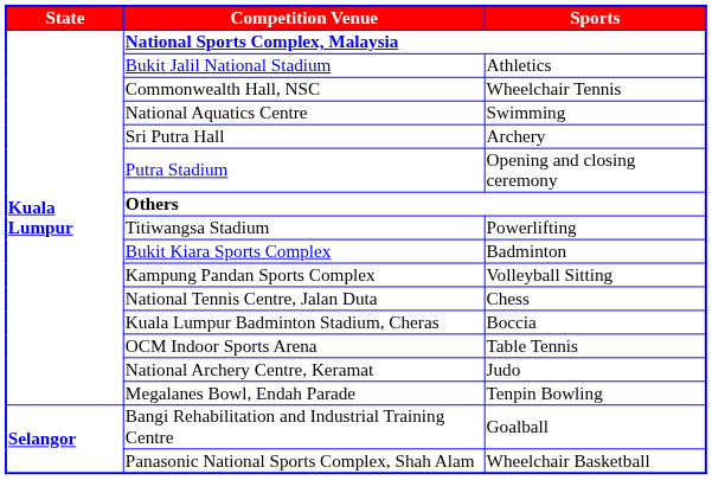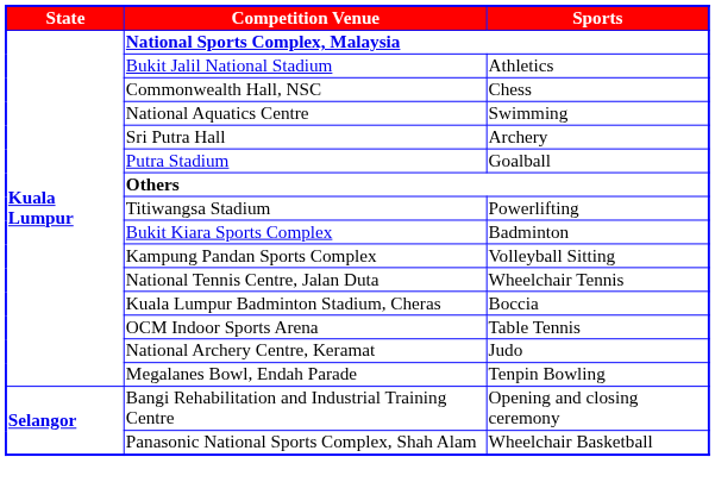 <table border=1 style="border-collapse:collapse; text-align:left; font-size:100%; border:2px solid blue;">
 <tr style="text-align:center; color:white; font-weight:bold; background:red;">
 <td>State</td>
 <td>Competition Venue</td>
 <td>Sports</td>
 </tr>
 <tr>
 <th rowspan=15><a href='#'>Kuala Lumpur</a></th>
 <th colspan=2><a href='#'>National Sports Complex, Malaysia</a></th>
 </tr>
 <tr>
 <td><a href='#'>Bukit Jalil National Stadium</a></td>
 <td>Athletics</td>
 </tr>
 <tr>
 <td>Commonwealth Hall, NSC</td>
-<td>Wheelchair Tennis</td>
+<td>Chess</td>
 </tr>
 <tr>
 <td>National Aquatics Centre</td>
 <td>Swimming</td>
 </tr>
 <tr>
 <td>Sri Putra Hall</td>
 <td>Archery</td>
 </tr>
 <tr>
 <td><a href='#'>Putra Stadium</a></td>
-<td>Opening and closing ceremony</td>
+<td>Goalball</td>
 </tr>
 <tr>
 <th colspan=2>Others</th>
 </tr>
 <tr>
 <td>Titiwangsa Stadium</td>
 <td>Powerlifting</td>
 </tr>
 <tr>
 <td><a href='#'>Bukit Kiara Sports Complex</a></td>
 <td>Badminton</td>
 </tr>
 <tr>
 <td>Kampung Pandan Sports Complex</td>
 <td>Volleyball Sitting</td>
 </tr>
 <tr>
 <td>National Tennis Centre, Jalan Duta</td>
-<td>Chess</td>
+<td>Wheelchair Tennis</td>
 </tr>
 <tr>
 <td>Kuala Lumpur Badminton Stadium, Cheras</td>
 <td>Boccia</td>
 </tr>
 <tr>
 <td>OCM Indoor Sports Arena</td>
 <td>Table Tennis</td>
 </tr>
 <tr>
 <td>National Archery Centre, Keramat</td>
 <td>Judo</td>
 </tr>
 <tr>
 <td>Megalanes Bowl, Endah Parade</td>
 <td>Tenpin Bowling</td>
 </tr>
 <tr>
 <th rowspan=2><a href='#'>Selangor</a></th>
 <td>Bangi Rehabilitation and Industrial Training Centre</td>
-<td>Goalball</td>
+<td>Opening and closing ceremony</td>
 </tr>
 <tr>
 <td>Panasonic National Sports Complex, Shah Alam</td>
 <td>Wheelchair Basketball</td>
 </tr>
 </table>
